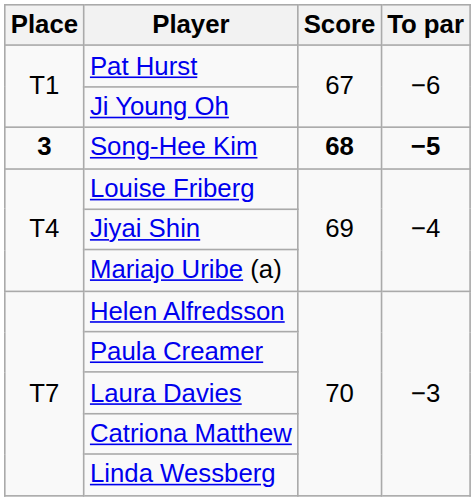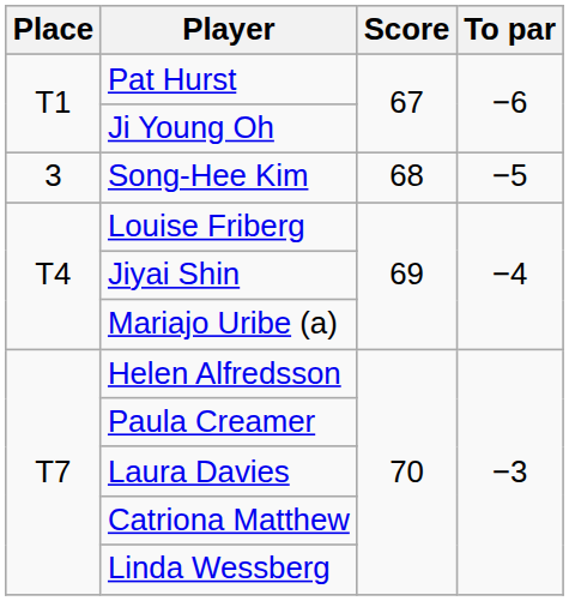 <table class="wikitable">
 <tr>
 <th>Place</th>
 <th>Player</th>
 <th>Score</th>
 <th>To par</th>
 </tr>
 <tr>
 <td align=center rowspan="2">T1</td>
 <td> <a href='#'>Pat Hurst</a></td>
 <td rowspan="2" align=center>67</td>
 <td rowspan="2" align=center>−6</td>
 </tr>
 <tr>
 <td> <a href='#'>Ji Young Oh</a></td>
 </tr>
 <tr>
-<td align=center><strong>3</strong></td>
+<td align=center>3</td>
 <td> <a href='#'>Song-Hee Kim</a></td>
-<td align=center><strong>68</strong></td>
-<td align=center><strong>−5</strong></td>
+<td align=center>68</td>
+<td align=center>−5</td>
 </tr>
 <tr>
 <td align=center rowspan="3">T4</td>
 <td> <a href='#'>Louise Friberg</a></td>
 <td rowspan="3" align=center>69</td>
 <td rowspan="3" align=center>−4</td>
 </tr>
 <tr>
 <td> <a href='#'>Jiyai Shin</a></td>
 </tr>
 <tr>
 <td> <a href='#'>Mariajo Uribe</a> (a)</td>
 </tr>
 <tr>
 <td align=center rowspan="5">T7</td>
 <td> <a href='#'>Helen Alfredsson</a></td>
 <td rowspan="5" align=center>70</td>
 <td rowspan="5" align=center>−3</td>
 </tr>
 <tr>
 <td> <a href='#'>Paula Creamer</a></td>
 </tr>
 <tr>
 <td> <a href='#'>Laura Davies</a></td>
 </tr>
 <tr>
 <td> <a href='#'>Catriona Matthew</a></td>
 </tr>
 <tr>
 <td> <a href='#'>Linda Wessberg</a></td>
 </tr>
 </table>
